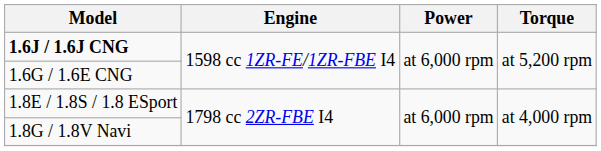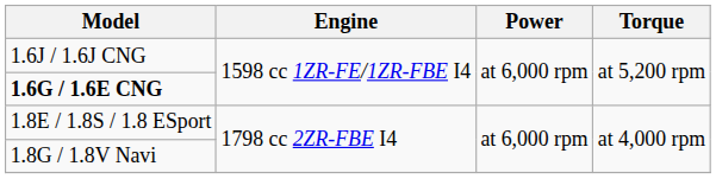 <table class="wikitable">
 <tr>
 <th>Model</th>
 <th>Engine</th>
 <th>Power</th>
 <th>Torque</th>
 </tr>
 <tr>
-<td><strong>1.6J / 1.6J CNG</strong></td>
+<td>1.6J / 1.6J CNG</td>
 <td rowspan="2">1598 cc <em><a href='#'>1ZR-FE</a>/<a href='#'>1ZR-FBE</a></em> I4</td>
 <td rowspan="2"> at 6,000 rpm</td>
 <td rowspan="2"> at 5,200 rpm</td>
 </tr>
 <tr>
-<td>1.6G / 1.6E CNG</td>
+<td><strong>1.6G / 1.6E CNG</strong></td>
 </tr>
 <tr>
 <td>1.8E / 1.8S / 1.8 ESport</td>
 <td rowspan="2">1798 cc <em><a href='#'>2ZR-FBE</a></em> I4</td>
 <td rowspan="2"> at 6,000 rpm</td>
 <td rowspan="2"> at 4,000 rpm</td>
 </tr>
 <tr>
 <td>1.8G / 1.8V Navi</td>
 </tr>
 <tr>
 </tr>
 </table>
